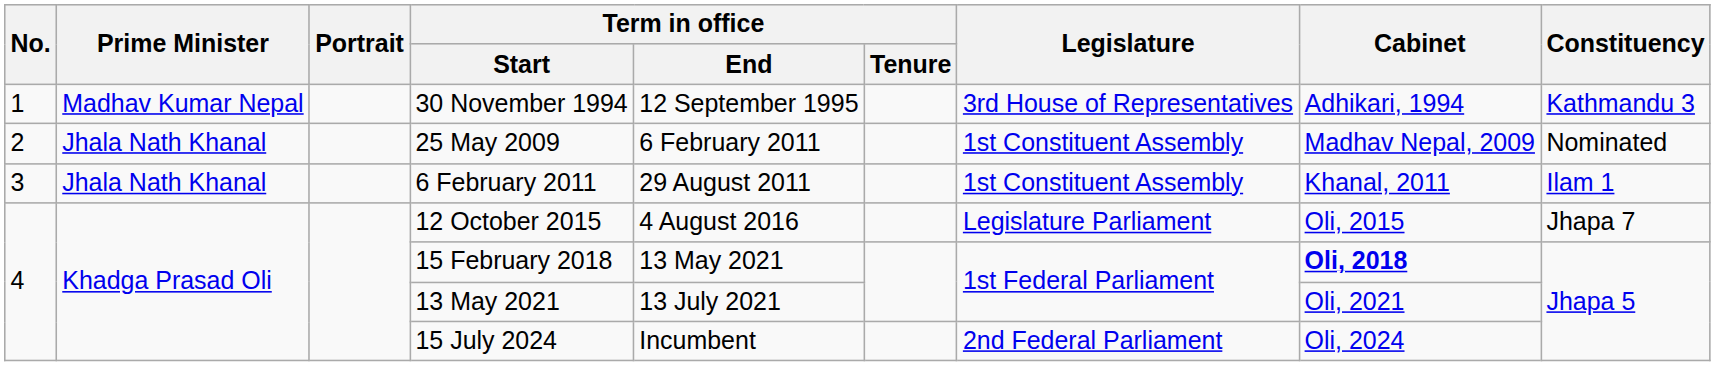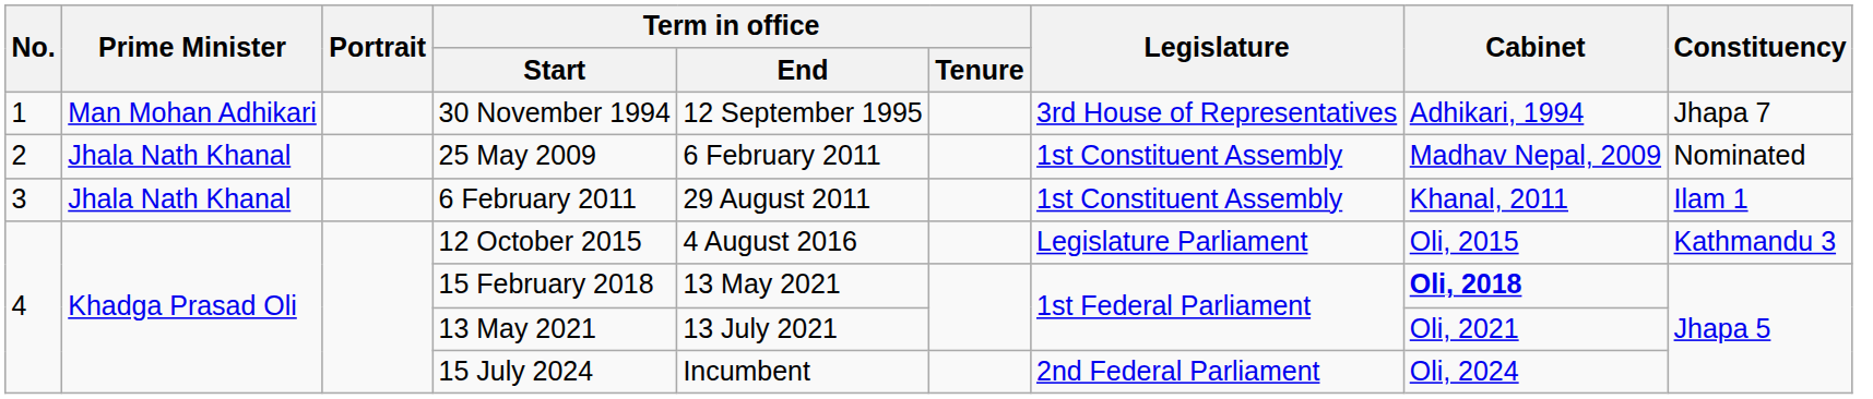 <table class="wikitable">
 <tr>
 <th rowspan="2" style="background-color:">No.</th>
 <th rowspan="2" style="background-color:">Prime Minister</th>
 <th rowspan="2" style="background-color:">Portrait</th>
 <th colspan="3" style="background-color:">Term in office</th>
 <th rowspan="2" style="background-color:">Legislature</th>
 <th rowspan="2" style="background-color:">Cabinet</th>
 <th rowspan="2" style="background-color:">Constituency</th>
 </tr>
 <tr>
 <th style="background-color:">Start</th>
 <th style="background-color:">End</th>
 <th style="background-color:">Tenure</th>
 </tr>
 <tr>
 <td>1</td>
-<td><a href='#'>Madhav Kumar Nepal</a></td>
+<td><a href='#'>Man Mohan Adhikari</a></td>
 <td></td>
 <td>30 November 1994</td>
 <td>12 September 1995</td>
 <td></td>
 <td><a href='#'>3rd House of Representatives</a></td>
 <td><a href='#'>Adhikari, 1994</a></td>
-<td><a href='#'>Kathmandu 3</a></td>
+<td>Jhapa 7</td>
 </tr>
 <tr>
 <td>2</td>
 <td><a href='#'>Jhala Nath Khanal</a></td>
 <td></td>
 <td>25 May 2009</td>
 <td>6 February 2011</td>
 <td></td>
 <td><a href='#'>1st Constituent Assembly</a></td>
 <td><a href='#'>Madhav Nepal, 2009</a></td>
 <td>Nominated</td>
 </tr>
 <tr>
 <td>3</td>
 <td><a href='#'>Jhala Nath Khanal</a></td>
 <td></td>
 <td>6 February 2011</td>
 <td>29 August 2011</td>
 <td></td>
 <td><a href='#'>1st Constituent Assembly</a></td>
 <td><a href='#'>Khanal, 2011</a></td>
 <td><a href='#'>Ilam 1</a></td>
 </tr>
 <tr>
 <td rowspan="4">4</td>
 <td rowspan="4"><a href='#'>Khadga Prasad Oli</a></td>
 <td rowspan="4"></td>
 <td>12 October 2015</td>
 <td>4 August 2016</td>
 <td></td>
 <td><a href='#'>Legislature Parliament</a></td>
 <td><a href='#'>Oli, 2015</a></td>
-<td>Jhapa 7</td>
+<td><a href='#'>Kathmandu 3</a></td>
 </tr>
 <tr>
 <td>15 February 2018</td>
 <td>13 May 2021</td>
 <td rowspan="2"></td>
 <td rowspan="2"><a href='#'>1st Federal Parliament</a></td>
 <td><strong><a href='#'>Oli, 2018</a></strong></td>
 <td rowspan="3"><a href='#'>Jhapa 5</a></td>
 </tr>
 <tr>
 <td>13 May 2021</td>
 <td>13 July 2021</td>
 <td><a href='#'>Oli, 2021</a></td>
 </tr>
 <tr>
 <td>15 July 2024</td>
 <td>Incumbent</td>
 <td></td>
 <td><a href='#'>2nd Federal Parliament</a></td>
 <td><a href='#'>Oli, 2024</a></td>
 </tr>
 </table>
